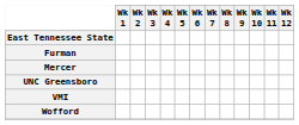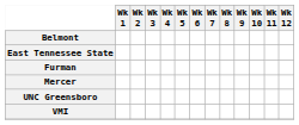 <table class="wikitable" style="white-space:nowrap;font-size:90%;text-align:center;">
 <tr>
 <th style="background:white; border-top-style:hidden; border-left-style:hidden;"> </th>
 <th>Wk<br> 1</th>
 <th>Wk<br>2</th>
 <th>Wk<br>3</th>
 <th>Wk<br>4</th>
 <th>Wk<br>5</th>
 <th>Wk<br>6</th>
 <th>Wk<br>7</th>
 <th>Wk<br>8</th>
 <th>Wk<br>9</th>
 <th>Wk<br>10</th>
 <th>Wk<br>11</th>
 <th>Wk<br>12</th>
+</tr>
+<tr>
+<th>Belmont</th>
+<td style="background:#FFF;"></td>
+<td style="background:#FFF;"></td>
+<td style="background:#FFF;"></td>
+<td style="background:#FFF;"></td>
+<td style="background:#FFF;"></td>
+<td style="background:#FFF;"></td>
+<td style="background:#FFF;"></td>
+<td style="background:#FFF;"></td>
+<td style="background:#FFF;"></td>
+<td style="background:#FFF;"></td>
+<td style="background:#FFF;"></td>
+<td style="background:#FFF;"></td>
 </tr>
 <tr>
 <th>East Tennessee State</th>
 <td style="background:#FFF;"></td>
 <td style="background:#FFF;"></td>
 <td style="background:#FFF;"></td>
 <td style="background:#FFF;"></td>
 <td style="background:#FFF;"></td>
 <td style="background:#FFF;"></td>
 <td style="background:#FFF;"></td>
 <td style="background:#FFF;"></td>
 <td style="background:#FFF;"></td>
 <td style="background:#FFF;"></td>
 <td style="background:#FFF;"></td>
 <td style="background:#FFF;"></td>
 </tr>
 <tr>
 <th>Furman</th>
 <td style="background:#FFF;"></td>
 <td style="background:#FFF;"></td>
 <td style="background:#FFF;"></td>
 <td style="background:#FFF;"></td>
 <td style="background:#FFF;"></td>
 <td style="background:#FFF;"></td>
 <td style="background:#FFF;"></td>
 <td style="background:#FFF;"></td>
 <td style="background:#FFF;"></td>
 <td style="background:#FFF;"></td>
 <td style="background:#FFF;"></td>
 <td style="background:#FFF;"></td>
 </tr>
 <tr>
 <th>Mercer</th>
 <td style="background:#FFF;"></td>
 <td style="background:#FFF;"></td>
 <td style="background:#FFF;"></td>
 <td style="background:#FFF;"></td>
 <td style="background:#FFF;"></td>
 <td style="background:#FFF;"></td>
 <td style="background:#FFF;"></td>
 <td style="background:#FFF;"></td>
 <td style="background:#FFF;"></td>
 <td style="background:#FFF;"></td>
 <td style="background:#FFF;"></td>
 <td style="background:#FFF;"></td>
 </tr>
 <tr>
 <th>UNC Greensboro</th>
 <td style="background:#FFF;"></td>
 <td style="background:#FFF;"></td>
 <td style="background:#FFF;"></td>
 <td style="background:#FFF;"></td>
 <td style="background:#FFF;"></td>
 <td style="background:#FFF;"></td>
 <td style="background:#FFF;"></td>
 <td style="background:#FFF;"></td>
 <td style="background:#FFF;"></td>
 <td style="background:#FFF;"></td>
 <td style="background:#FFF;"></td>
 <td style="background:#FFF;"></td>
 </tr>
 <tr>
 <th>VMI</th>
 <td style="background:#FFF;"></td>
 <td style="background:#FFF;"></td>
 <td style="background:#FFF;"></td>
 <td style="background:#FFF;"></td>
 <td style="background:#FFF;"></td>
 <td style="background:#FFF;"></td>
 <td style="background:#FFF;"></td>
 <td style="background:#FFF;"></td>
 <td style="background:#FFF;"></td>
 <td style="background:#FFF;"></td>
 <td style="background:#FFF;"></td>
 <td style="background:#FFF;"></td>
 </tr>
 <tr>
-<th>Wofford</th>
-<td style="background:#FFF;"></td>
-<td style="background:#FFF;"></td>
-<td style="background:#FFF;"></td>
-<td style="background:#FFF;"></td>
-<td style="background:#FFF;"></td>
-<td style="background:#FFF;"></td>
-<td style="background:#FFF;"></td>
-<td style="background:#FFF;"></td>
-<td style="background:#FFF;"></td>
-<td style="background:#FFF;"></td>
-<td style="background:#FFF;"></td>
-<td style="background:#FFF;"></td>
-</tr>
-<tr>
 </tr>
 </table>
